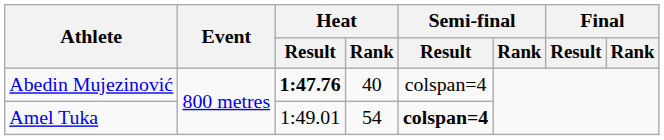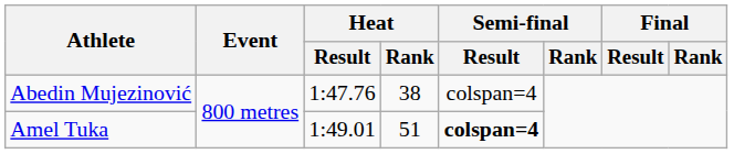 <table class=wikitable style=font-size:90%>
 <tr>
 <th rowspan=2>Athlete</th>
 <th rowspan=2>Event</th>
 <th colspan=2>Heat</th>
 <th colspan=2>Semi-final</th>
 <th colspan=2>Final</th>
 </tr>
 <tr style=font-size:95%>
 <th>Result</th>
 <th>Rank</th>
 <th>Result</th>
 <th>Rank</th>
 <th>Result</th>
 <th>Rank</th>
 </tr>
 <tr align=center>
 <td align=left><a href='#'>Abedin Mujezinović</a></td>
 <td align=left rowspan=2><a href='#'>800 metres</a></td>
-<td><strong>1:47.76</strong></td>
-<td>40</td>
+<td>1:47.76</td>
+<td>38</td>
 <td>colspan=4 </td>
 </tr>
 <tr align=center>
 <td align=left><a href='#'>Amel Tuka</a></td>
 <td>1:49.01</td>
-<td>54</td>
+<td>51</td>
 <td><strong>colspan=4 </strong></td>
 </tr>
 </table>
